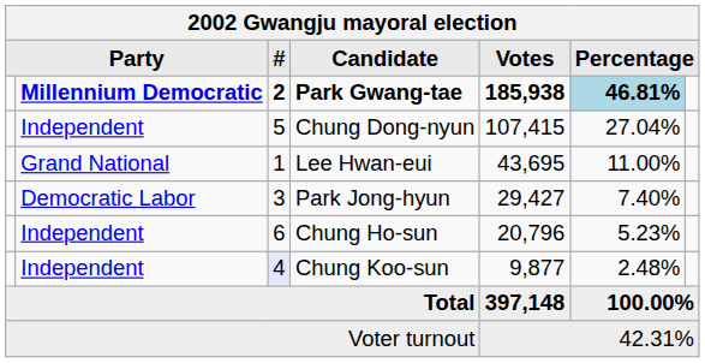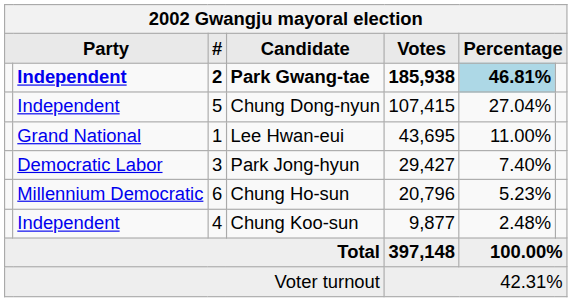 <table class="wikitable">
 <tr>
 <th colspan="7">2002 Gwangju mayoral election</th>
 </tr>
 <tr>
 <th style="background-color:#E9E9E9" colspan=2>Party</th>
 <th style="background-color:#E9E9E9">#</th>
 <th style="background-color:#E9E9E9">Candidate</th>
 <th style="background-color:#E9E9E9">Votes</th>
 <th style="background-color:#E9E9E9" colspan=2>Percentage</th>
 </tr>
 <tr style="font-weight:bold">
 <td></td>
-<td align=left><a href='#'>Millennium Democratic</a></td>
+<td align=left><a href='#'>Independent</a></td>
 <td align=center>2</td>
 <td align=left>Park Gwang-tae</td>
 <td align=right>185,938</td>
 <td align=right style="background: lightblue;">46.81%</td>
 <td align=right></td>
 </tr>
 <tr>
 <td></td>
 <td align=left><a href='#'>Independent</a></td>
 <td align=center>5</td>
 <td align=left>Chung Dong-nyun</td>
 <td align=right>107,415</td>
 <td align=right>27.04%</td>
 <td align=right></td>
 </tr>
 <tr>
 <td></td>
 <td align=left><a href='#'>Grand National</a></td>
 <td align=center>1</td>
 <td align=left>Lee Hwan-eui</td>
 <td align=right>43,695</td>
 <td align=right>11.00%</td>
 <td align=right></td>
 </tr>
 <tr>
 <td></td>
 <td align=left><a href='#'>Democratic Labor</a></td>
 <td align=center>3</td>
 <td align=left>Park Jong-hyun</td>
 <td align=right>29,427</td>
 <td align=right>7.40%</td>
 <td align=right></td>
 </tr>
 <tr>
 <td></td>
-<td align=left><a href='#'>Independent</a></td>
+<td align=left><a href='#'>Millennium Democratic</a></td>
 <td align=center>6</td>
 <td align=left>Chung Ho-sun</td>
 <td align=right>20,796</td>
 <td align=right>5.23%</td>
 <td align=right></td>
 </tr>
 <tr>
 <td></td>
 <td align=left><a href='#'>Independent</a></td>
-<td align=center style="background: lavender;">4</td>
+<td align=center>4</td>
 <td align=left>Chung Koo-sun</td>
 <td align=right>9,877</td>
 <td align=right>2.48%</td>
 <td align=right></td>
 </tr>
 <tr bgcolor="#EEEEEE" style="font-weight:bold">
 <td colspan="4" align=right>Total</td>
 <td align=right>397,148</td>
 <td align=right colspan=2>100.00%</td>
 </tr>
 <tr bgcolor="#EEEEEE">
 <td colspan="4" align="right">Voter turnout</td>
 <td colspan="3" align="right">42.31%</td>
 </tr>
 </table>
